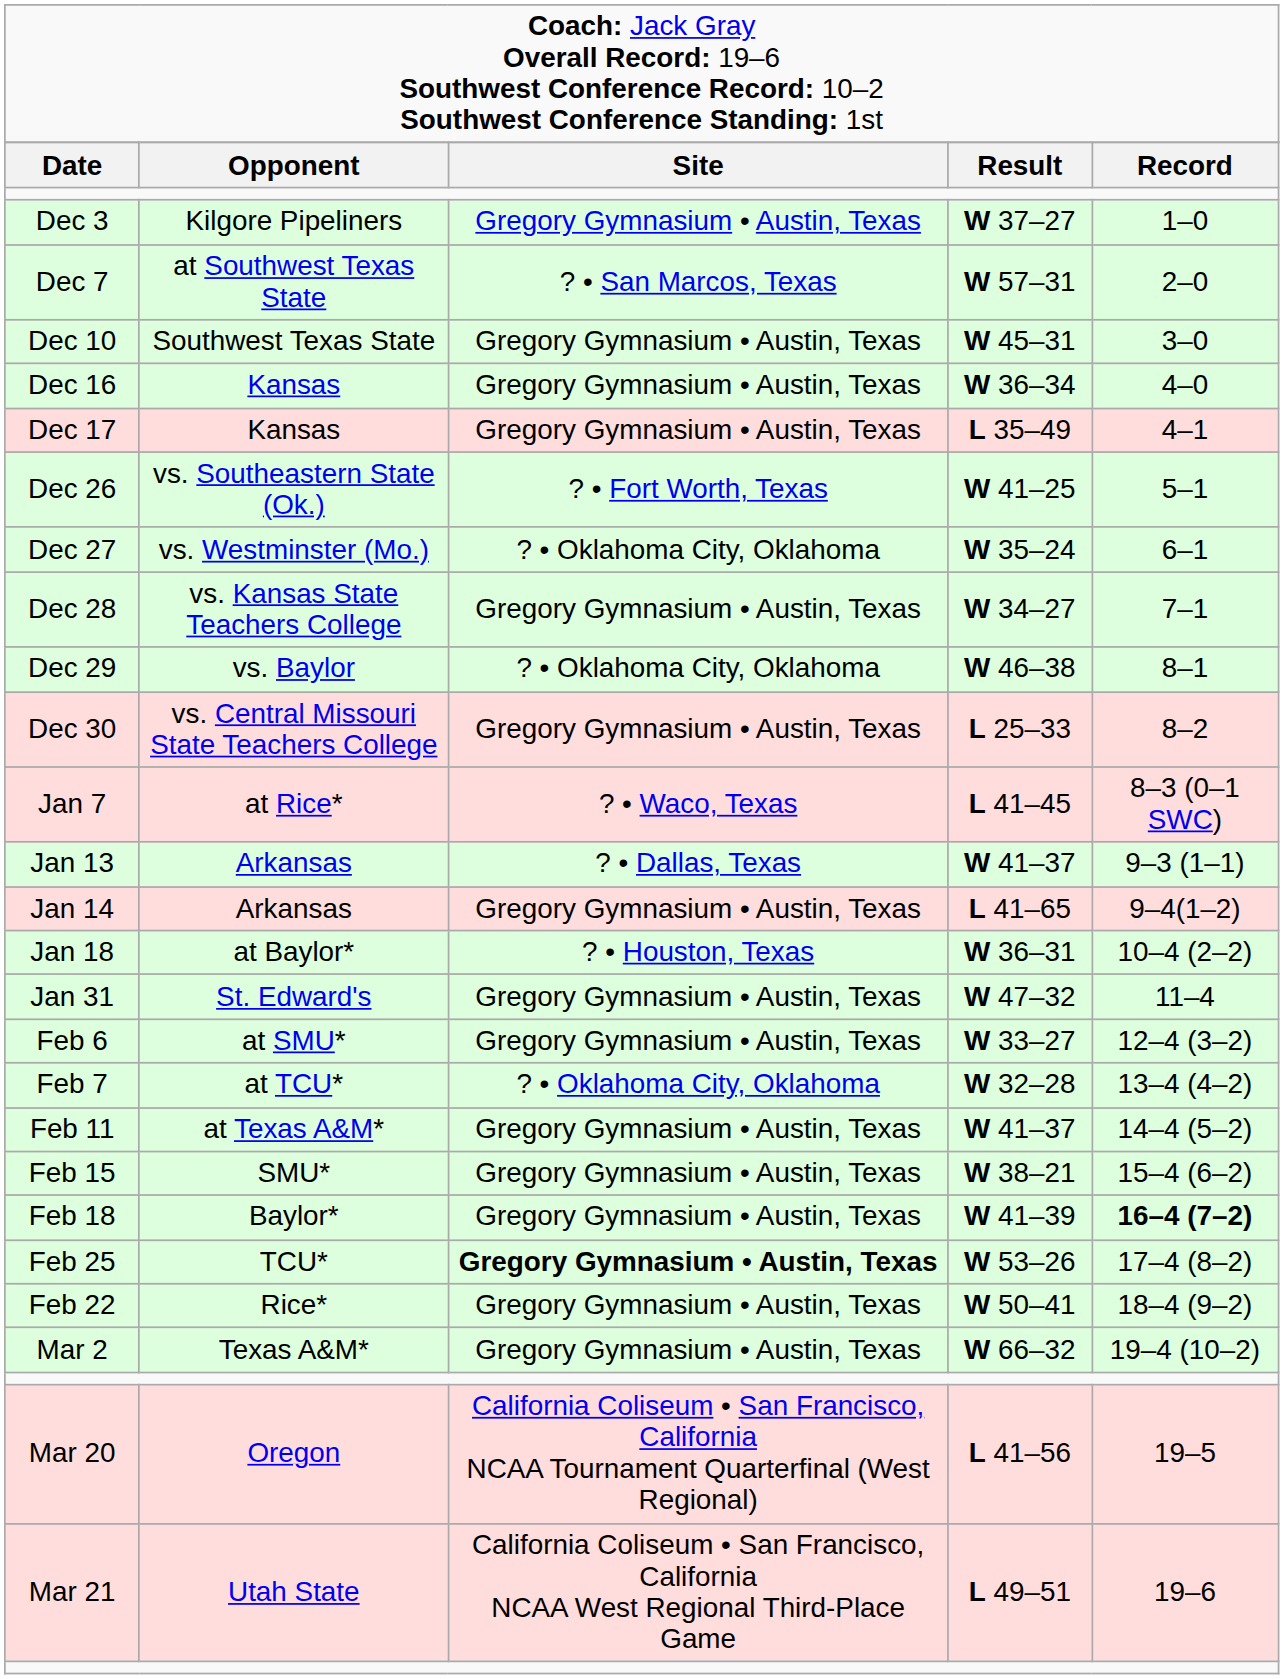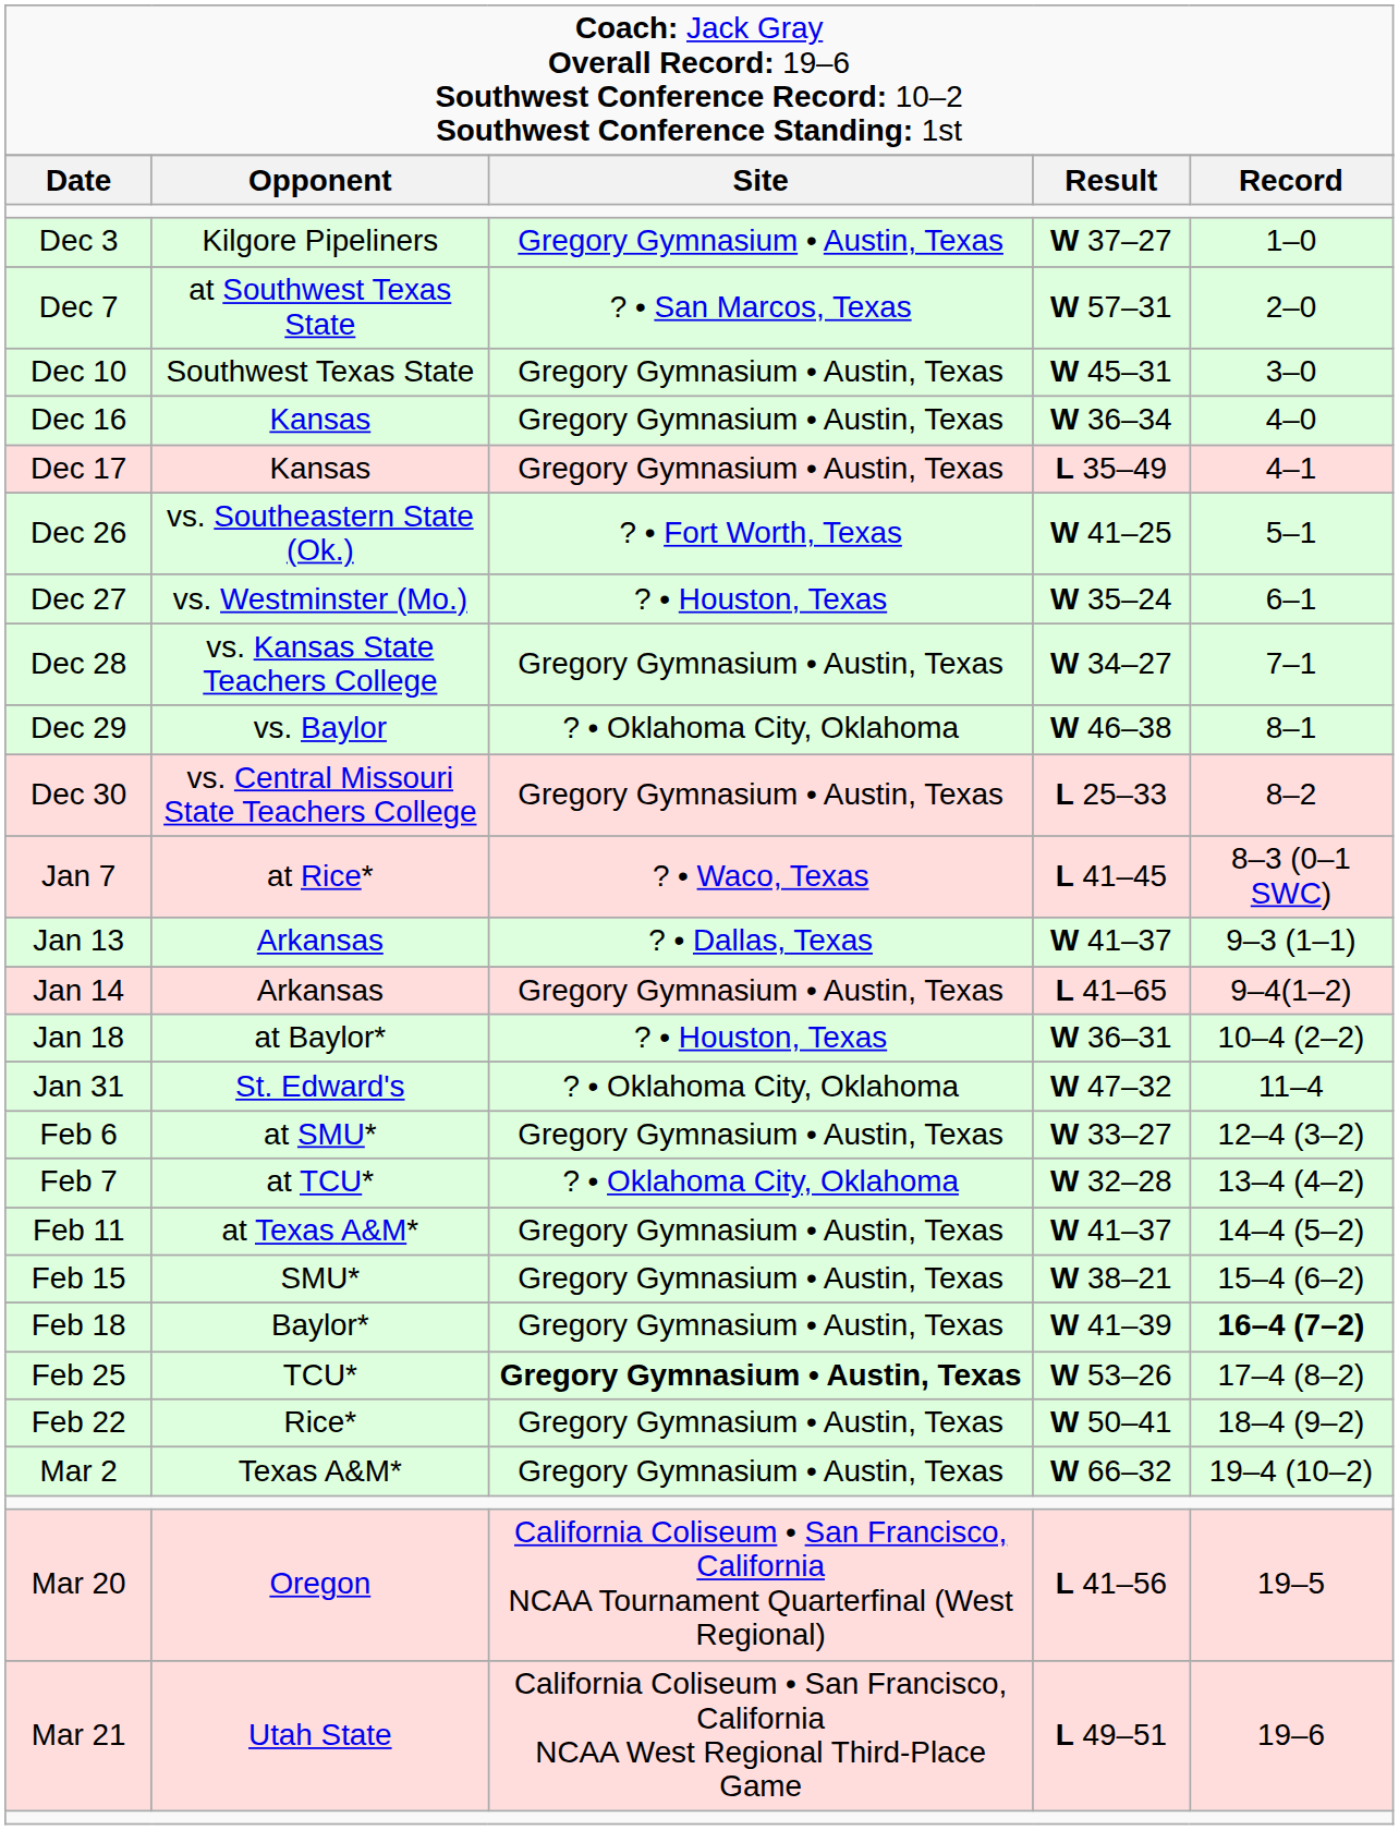 <table class="wikitable" style="text-align:center">
 <tr>
 <td colspan=8  style="text-align:center"><strong>Coach:</strong> <a href='#'>Jack Gray</a><br><strong>Overall Record:</strong> 19–6<br><strong>Southwest Conference Record:</strong> 10–2<br><strong>Southwest Conference Standing:</strong> 1st</td>
 </tr>
 <tr>
 </tr>
 <tr>
 <th style="width:70px;">Date</th>
 <th style="width:170px;">Opponent</th>
 <th style="width:280px;">Site</th>
 <th style="width:75px;">Result</th>
 <th style="width:100px;">Record</th>
 </tr>
 <tr>
 <td colspan="8"></td>
 </tr>
 <tr style="background: #ddffdd;">
 <td>Dec 3</td>
 <td>Kilgore Pipeliners</td>
 <td><a href='#'>Gregory Gymnasium</a> • <a href='#'>Austin, Texas</a></td>
 <td><strong>W</strong> 37–27</td>
 <td>1–0</td>
 </tr>
 <tr style="background: #ddffdd;">
 <td>Dec 7</td>
 <td>at <a href='#'>Southwest Texas State</a></td>
 <td>? • <a href='#'>San Marcos, Texas</a></td>
 <td><strong>W</strong> 57–31</td>
 <td>2–0</td>
 </tr>
 <tr style="background: #ddffdd;">
 <td>Dec 10</td>
 <td>Southwest Texas State</td>
 <td>Gregory Gymnasium • Austin, Texas</td>
 <td><strong>W</strong> 45–31</td>
 <td>3–0</td>
 </tr>
 <tr style="background: #ddffdd;">
 <td>Dec 16</td>
 <td><a href='#'>Kansas</a></td>
 <td>Gregory Gymnasium • Austin, Texas</td>
 <td><strong>W</strong> 36–34</td>
 <td>4–0</td>
 </tr>
 <tr style="background: #ffdddd;">
 <td>Dec 17</td>
 <td>Kansas</td>
 <td>Gregory Gymnasium • Austin, Texas</td>
 <td><strong>L</strong> 35–49</td>
 <td>4–1</td>
 </tr>
 <tr style="background: #ddffdd;">
 <td>Dec 26</td>
 <td>vs. <a href='#'>Southeastern State (Ok.)</a></td>
 <td>? • <a href='#'>Fort Worth, Texas</a></td>
 <td><strong>W</strong> 41–25</td>
 <td>5–1</td>
 </tr>
 <tr style="background: #ddffdd;">
 <td>Dec 27</td>
 <td>vs. <a href='#'>Westminster (Mo.)</a></td>
-<td>? • Oklahoma City, Oklahoma</td>
+<td>? • <a href='#'>Houston, Texas</a></td>
 <td><strong>W</strong> 35–24</td>
 <td>6–1</td>
 </tr>
 <tr style="background: #ddffdd;">
 <td>Dec 28</td>
 <td>vs. <a href='#'>Kansas State Teachers College</a></td>
 <td>Gregory Gymnasium • Austin, Texas</td>
 <td><strong>W</strong> 34–27</td>
 <td>7–1</td>
 </tr>
 <tr style="background: #ddffdd;">
 <td>Dec 29</td>
 <td>vs. <a href='#'>Baylor</a></td>
 <td>? • Oklahoma City, Oklahoma</td>
 <td><strong>W</strong> 46–38</td>
 <td>8–1</td>
 </tr>
 <tr style="background: #ffdddd;">
 <td>Dec 30</td>
 <td>vs. <a href='#'>Central Missouri State Teachers College</a></td>
 <td>Gregory Gymnasium • Austin, Texas</td>
 <td><strong>L</strong> 25–33</td>
 <td>8–2</td>
 </tr>
 <tr style="background: #ffdddd;">
 <td>Jan 7</td>
 <td>at <a href='#'>Rice</a>*</td>
 <td>? • <a href='#'>Waco, Texas</a></td>
 <td><strong>L</strong> 41–45</td>
 <td>8–3 (0–1 <a href='#'>SWC</a>)</td>
 </tr>
 <tr style="background: #ddffdd;">
 <td>Jan 13</td>
 <td><a href='#'>Arkansas</a></td>
 <td>? • <a href='#'>Dallas, Texas</a></td>
 <td><strong>W</strong> 41–37</td>
 <td>9–3 (1–1)</td>
 </tr>
 <tr style="background: #ffdddd;">
 <td>Jan 14</td>
 <td>Arkansas</td>
 <td>Gregory Gymnasium • Austin, Texas</td>
 <td><strong>L</strong> 41–65</td>
 <td>9–4(1–2)</td>
 </tr>
 <tr style="background: #ddffdd;">
 <td>Jan 18</td>
 <td>at Baylor*</td>
 <td>? • <a href='#'>Houston, Texas</a></td>
 <td><strong>W</strong> 36–31</td>
 <td>10–4 (2–2)</td>
 </tr>
 <tr style="background: #ddffdd;">
 <td>Jan 31</td>
 <td><a href='#'>St. Edward's</a></td>
-<td>Gregory Gymnasium • Austin, Texas</td>
+<td>? • Oklahoma City, Oklahoma</td>
 <td><strong>W</strong> 47–32</td>
 <td>11–4</td>
 </tr>
 <tr style="background: #ddffdd;">
 <td>Feb 6</td>
 <td>at <a href='#'>SMU</a>*</td>
 <td>Gregory Gymnasium • Austin, Texas</td>
 <td><strong>W</strong> 33–27</td>
 <td>12–4 (3–2)</td>
 </tr>
 <tr style="background: #ddffdd;">
 <td>Feb 7</td>
 <td>at <a href='#'>TCU</a>*</td>
 <td>? • <a href='#'>Oklahoma City, Oklahoma</a></td>
 <td><strong>W</strong> 32–28</td>
 <td>13–4 (4–2)</td>
 </tr>
 <tr style="background: #ddffdd;">
 <td>Feb 11</td>
 <td>at <a href='#'>Texas A&M</a>*</td>
 <td>Gregory Gymnasium • Austin, Texas</td>
 <td><strong>W</strong> 41–37</td>
 <td>14–4 (5–2)</td>
 </tr>
 <tr style="background: #ddffdd;">
 <td>Feb 15</td>
 <td>SMU*</td>
 <td>Gregory Gymnasium • Austin, Texas</td>
 <td><strong>W</strong> 38–21</td>
 <td>15–4 (6–2)</td>
 </tr>
 <tr style="background: #ddffdd;">
 <td>Feb 18</td>
 <td>Baylor*</td>
 <td>Gregory Gymnasium • Austin, Texas</td>
 <td><strong>W</strong> 41–39</td>
 <td><strong>16–4 (7–2)</strong></td>
 </tr>
 <tr style="background: #ddffdd;">
 <td>Feb 25</td>
 <td>TCU*</td>
 <td><strong>Gregory Gymnasium • Austin, Texas</strong></td>
 <td><strong>W</strong> 53–26</td>
 <td>17–4 (8–2)</td>
 </tr>
 <tr style="background: #ddffdd;">
 <td>Feb 22</td>
 <td>Rice*</td>
 <td>Gregory Gymnasium • Austin, Texas</td>
 <td><strong>W</strong> 50–41</td>
 <td>18–4 (9–2)</td>
 </tr>
 <tr style="background: #ddffdd;">
 <td>Mar 2</td>
 <td>Texas A&M*</td>
 <td>Gregory Gymnasium • Austin, Texas</td>
 <td><strong>W</strong> 66–32</td>
 <td>19–4 (10–2)</td>
 </tr>
 <tr>
 <td colspan="8"></td>
 </tr>
 <tr style="background: #ffdddd;">
 <td>Mar 20</td>
 <td><a href='#'>Oregon</a></td>
 <td><a href='#'>California Coliseum</a> • <a href='#'>San Francisco, California</a><br>NCAA Tournament Quarterfinal (West Regional)</td>
 <td><strong>L</strong> 41–56</td>
 <td>19–5</td>
 </tr>
 <tr style="background: #ffdddd;">
 <td>Mar 21</td>
 <td><a href='#'>Utah State</a></td>
 <td>California Coliseum • San Francisco, California<br>NCAA West Regional Third-Place Game</td>
 <td><strong>L</strong> 49–51</td>
 <td>19–6</td>
 </tr>
 <tr>
 <td colspan=8></td>
 </tr>
 </table>
